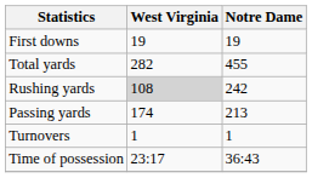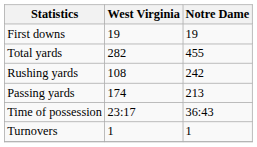 <table class="wikitable" style="float: left;">
 <tr>
 <th>Statistics</th>
 <th>West Virginia</th>
 <th>Notre Dame</th>
 </tr>
 <tr>
 <td>First downs</td>
 <td>19</td>
 <td>19</td>
 </tr>
 <tr>
 <td>Total yards</td>
 <td>282</td>
 <td>455</td>
 </tr>
 <tr>
 <td>Rushing yards</td>
-<td style="background: lightgrey;">108</td>
+<td>108</td>
 <td>242</td>
 </tr>
 <tr>
 <td>Passing yards</td>
 <td>174</td>
 <td>213</td>
 </tr>
 <tr>
+<td>Time of possession</td>
+<td>23:17</td>
+<td>36:43</td>
+</tr>
+<tr>
 <td>Turnovers</td>
 <td>1</td>
 <td>1</td>
 </tr>
 <tr>
-<td>Time of possession</td>
-<td>23:17</td>
-<td>36:43</td>
-</tr>
-<tr>
 </tr>
 </table>
